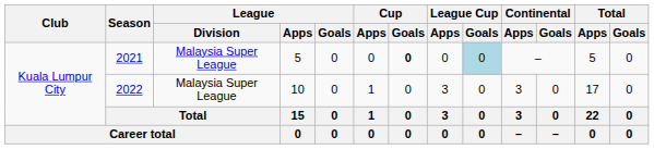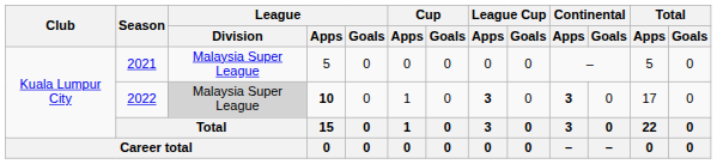 <table class=wikitable style="text-align:center">
 <tr>
 <th rowspan=2>Club</th>
 <th rowspan=2>Season</th>
 <th colspan=3>League</th>
 <th colspan=2>Cup</th>
 <th colspan=2>League Cup</th>
 <th colspan=2>Continental</th>
 <th colspan=2>Total</th>
 </tr>
 <tr>
 <th>Division</th>
 <th>Apps</th>
 <th>Goals</th>
 <th>Apps</th>
 <th>Goals</th>
 <th>Apps</th>
 <th>Goals</th>
 <th>Apps</th>
 <th>Goals</th>
 <th>Apps</th>
 <th>Goals</th>
 </tr>
 <tr>
 <td rowspan=3><a href='#'>Kuala Lumpur City</a></td>
 <td><a href='#'>2021</a></td>
 <td><a href='#'>Malaysia Super League</a></td>
 <td>5</td>
 <td>0</td>
 <td>0</td>
-<td><strong>0</strong></td>
 <td>0</td>
-<td style="background: lightblue;">0</td>
+<td>0</td>
+<td>0</td>
 <td colspan=2>–</td>
 <td>5</td>
 <td>0</td>
 </tr>
 <tr>
 <td><a href='#'>2022</a></td>
-<td>Malaysia Super League</td>
-<td>10</td>
+<td style="background: lightgrey;">Malaysia Super League</td>
+<td><strong>10</strong></td>
 <td>0</td>
 <td>1</td>
 <td>0</td>
-<td>3</td>
+<td><strong>3</strong></td>
 <td>0</td>
-<td>3</td>
+<td><strong>3</strong></td>
 <td>0</td>
 <td>17</td>
 <td>0</td>
 </tr>
 <tr>
 <th colspan="2">Total</th>
 <th>15</th>
 <th>0</th>
 <th>1</th>
 <th>0</th>
 <th>3</th>
 <th>0</th>
 <th>3</th>
 <th>0</th>
 <th>22</th>
 <th>0</th>
 </tr>
 <tr>
 <th colspan="3">Career total</th>
 <th>0</th>
 <th>0</th>
 <th>0</th>
 <th>0</th>
 <th>0</th>
 <th>0</th>
 <th>–</th>
 <th>–</th>
 <th>0</th>
 <th>0</th>
 </tr>
 </table>
